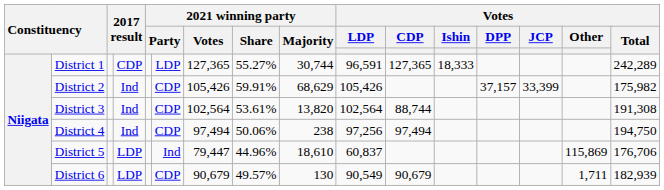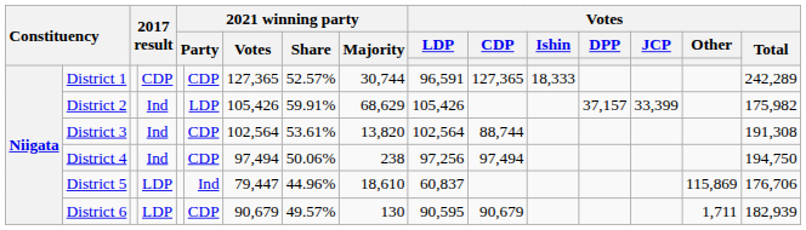 <table class="wikitable sortable" style="text-align:right; font-size:95%">
 <tr>
 <th colspan="2" rowspan="3" scope="col" style="text-align:left;">Constituency</th>
 <th colspan="2" rowspan="3" scope="col">2017<br>result</th>
 <th colspan="5">2021 winning party</th>
 <th colspan="7" scope="col">Votes</th>
 </tr>
 <tr>
 <th colspan="2" rowspan="2">Party</th>
 <th rowspan="2" scope="col">Votes</th>
 <th rowspan="2" scope="col">Share</th>
 <th rowspan="2" scope="col">Majority</th>
 <th scope="col"><a href='#'>LDP</a></th>
 <th scope="col"><a href='#'>CDP</a></th>
 <th scope="col"><a href='#'>Ishin</a></th>
 <th scope="col"><a href='#'>DPP</a></th>
 <th scope="col"><a href='#'>JCP</a></th>
 <th scope="col">Other</th>
 <th rowspan="2" scope="col">Total</th>
 </tr>
 <tr>
 <th scope="col" style="background:"></th>
 <th scope="col" style="background:"></th>
 <th scope="col" style="background:"></th>
 <th scope="col" style="background:"></th>
 <th scope="col" style="background:"></th>
 <th></th>
 </tr>
 <tr>
 <th rowspan="6"><a href='#'>Niigata</a></th>
 <td style="text-align:left;"><a href='#'>District 1</a></td>
 <td style="background:"></td>
 <td style="text-align:center;"><a href='#'>CDP</a></td>
 <td style="background:"></td>
-<td><a href='#'>LDP</a></td>
+<td><a href='#'>CDP</a></td>
 <td>127,365</td>
-<td>55.27%</td>
+<td>52.57%</td>
 <td>30,744</td>
 <td>96,591</td>
 <td>127,365</td>
 <td>18,333</td>
 <td></td>
 <td></td>
 <td></td>
 <td>242,289</td>
 </tr>
 <tr>
 <td style="text-align:left;"><a href='#'>District 2</a></td>
 <td style="background:"></td>
 <td style="text-align:center;"><a href='#'>Ind</a></td>
 <td style="background:"></td>
-<td><a href='#'>CDP</a></td>
+<td><a href='#'>LDP</a></td>
 <td>105,426</td>
 <td>59.91%</td>
 <td>68,629</td>
 <td>105,426</td>
 <td></td>
 <td></td>
 <td>37,157</td>
 <td>33,399</td>
 <td></td>
 <td>175,982</td>
 </tr>
 <tr>
 <td style="text-align:left;"><a href='#'>District 3</a></td>
 <td style="background:"></td>
 <td style="text-align:center;"><a href='#'>Ind</a></td>
 <td style="background:"></td>
 <td><a href='#'>CDP</a></td>
 <td>102,564</td>
 <td>53.61%</td>
 <td>13,820</td>
 <td>102,564</td>
 <td>88,744</td>
 <td></td>
 <td></td>
 <td></td>
 <td></td>
 <td>191,308</td>
 </tr>
 <tr>
 <td style="text-align:left;"><a href='#'>District 4</a></td>
 <td style="background:"></td>
 <td style="text-align:center;"><a href='#'>Ind</a></td>
 <td style="background:"></td>
 <td><a href='#'>CDP</a></td>
 <td>97,494</td>
 <td>50.06%</td>
 <td>238</td>
 <td>97,256</td>
 <td>97,494</td>
 <td></td>
 <td></td>
 <td></td>
 <td></td>
 <td>194,750</td>
 </tr>
 <tr>
 <td style="text-align:left;"><a href='#'>District 5</a></td>
 <td style="background:"></td>
 <td style="text-align:center;"><a href='#'>LDP</a></td>
 <td style="background:"></td>
 <td><a href='#'>Ind</a></td>
 <td>79,447</td>
 <td>44.96%</td>
 <td>18,610</td>
 <td>60,837</td>
 <td></td>
 <td></td>
 <td></td>
 <td></td>
 <td>115,869 </td>
 <td>176,706</td>
 </tr>
 <tr>
 <td style="text-align:left;"><a href='#'>District 6</a></td>
 <td style="background:"></td>
 <td style="text-align:center;"><a href='#'>LDP</a></td>
 <td style="background:"></td>
 <td><a href='#'>CDP</a></td>
 <td>90,679</td>
 <td>49.57%</td>
 <td>130</td>
-<td>90,549</td>
+<td>90,595</td>
 <td>90,679</td>
 <td></td>
 <td></td>
 <td></td>
 <td>1,711</td>
 <td>182,939</td>
 </tr>
 </table>
